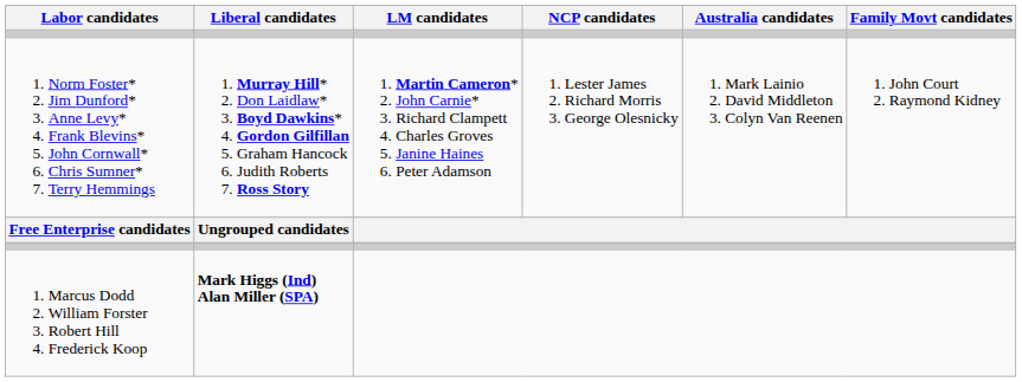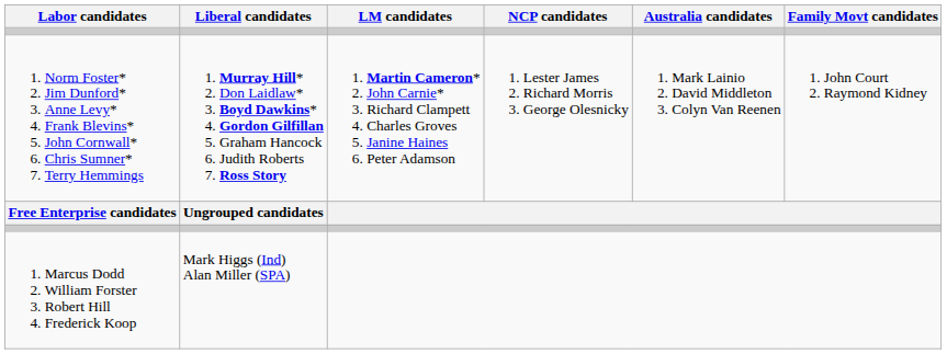 <table class="wikitable">
 <tr>
 <th><a href='#'>Labor</a> candidates</th>
 <th><a href='#'>Liberal</a> candidates</th>
 <th><a href='#'>LM</a> candidates</th>
 <th><a href='#'>NCP</a> candidates</th>
 <th><a href='#'>Australia</a> candidates</th>
 <th><a href='#'>Family Movt</a> candidates</th>
 </tr>
 <tr bgcolor="#cccccc">
 <td></td>
 <td></td>
 <td></td>
 <td></td>
 <td></td>
 <td></td>
 </tr>
 <tr>
 <td valign=top ><br><ol><li><a href='#'>Norm Foster</a>*</li><li><a href='#'>Jim Dunford</a>*</li><li><a href='#'>Anne Levy</a>*</li><li><a href='#'>Frank Blevins</a>*</li><li><a href='#'>John Cornwall</a>*</li><li><a href='#'>Chris Sumner</a>*</li><li><a href='#'>Terry Hemmings</a></li></ol></td>
 <td valign=top ><br><ol><li><strong><a href='#'>Murray Hill</a></strong>*</li><li><a href='#'>Don Laidlaw</a>*</li><li><strong><a href='#'>Boyd Dawkins</a></strong>*</li><li><strong><a href='#'>Gordon Gilfillan</a></strong></li><li>Graham Hancock</li><li>Judith Roberts</li><li><strong><a href='#'>Ross Story</a></strong></li></ol></td>
 <td valign=top ><br><ol><li><strong><a href='#'>Martin Cameron</a></strong>*</li><li><a href='#'>John Carnie</a>*</li><li>Richard Clampett</li><li>Charles Groves</li><li><a href='#'>Janine Haines</a></li><li>Peter Adamson</li></ol></td>
 <td valign=top><br><ol><li>Lester James</li><li>Richard Morris</li><li>George Olesnicky</li></ol></td>
 <td valign=top><br><ol><li>Mark Lainio</li><li>David Middleton</li><li>Colyn Van Reenen</li></ol></td>
 <td valign=top><br><ol><li>John Court</li><li>Raymond Kidney</li></ol></td>
 </tr>
 <tr bgcolor="#cccccc">
 <th><a href='#'>Free Enterprise</a> candidates</th>
 <th>Ungrouped candidates</th>
 <th colspan=4></th>
 </tr>
 <tr bgcolor="#cccccc">
 <td></td>
 <td></td>
 <td colspan=4 ></td>
 </tr>
 <tr>
 <td valign=top><br><ol><li>Marcus Dodd</li><li>William Forster</li><li>Robert Hill</li><li>Frederick Koop</li></ol></td>
-<td valign=top><strong><br>Mark Higgs (<a href='#'>Ind</a>) <br> Alan Miller (<a href='#'>SPA</a>)</strong></td>
+<td valign=top><br>Mark Higgs (<a href='#'>Ind</a>) <br> Alan Miller (<a href='#'>SPA</a>)</td>
 <td colspan=4 valign=top></td>
 </tr>
 </table>
